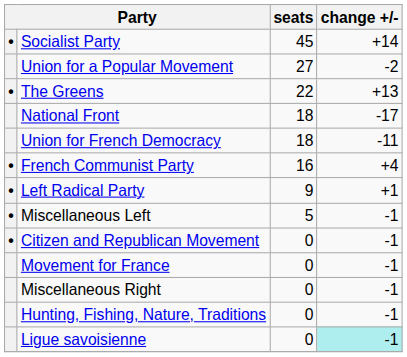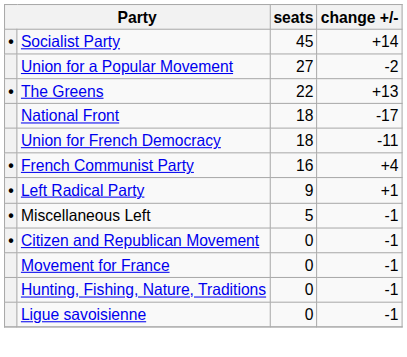 <table class="wikitable" style="font-size: 95%;">
 <tr>
 <th colspan=2>Party</th>
 <th>seats</th>
 <th>change +/-</th>
 </tr>
 <tr>
 <th style="background-color: "><span>•</span></th>
 <td><a href='#'>Socialist Party</a></td>
 <td align="right">45</td>
 <td align="right">+14</td>
 </tr>
 <tr>
 <th style="background-color: "></th>
 <td><a href='#'>Union for a Popular Movement</a></td>
 <td align="right">27</td>
 <td align="right">-2</td>
 </tr>
 <tr>
 <th style="background-color: "><span>•</span></th>
 <td><a href='#'>The Greens</a></td>
 <td align="right">22</td>
 <td align="right">+13</td>
 </tr>
 <tr>
 <th style="background-color: "></th>
 <td><a href='#'>National Front</a></td>
 <td align="right">18</td>
 <td align="right">-17</td>
 </tr>
 <tr>
 <th style="background-color: "></th>
 <td><a href='#'>Union for French Democracy</a></td>
 <td align="right">18</td>
 <td align="right">-11</td>
 </tr>
 <tr>
 <th style="background-color: "><span>•</span></th>
 <td><a href='#'>French Communist Party</a></td>
 <td align="right">16</td>
 <td align="right">+4</td>
 </tr>
 <tr>
 <th style="background-color: "><span>•</span></th>
 <td><a href='#'>Left Radical Party</a></td>
 <td align="right">9</td>
 <td align="right">+1</td>
 </tr>
 <tr>
 <th style="background-color: "><span>•</span></th>
 <td>Miscellaneous Left</td>
 <td align="right">5</td>
 <td align="right">-1</td>
 </tr>
 <tr>
 <th style="background-color: "><span>•</span></th>
 <td><a href='#'>Citizen and Republican Movement</a></td>
 <td align="right">0</td>
 <td align="right">-1</td>
 </tr>
 <tr>
 <th style="background-color: "></th>
 <td><a href='#'>Movement for France</a></td>
 <td align="right">0</td>
 <td align="right">-1</td>
 </tr>
 <tr>
 <th style="background-color: "></th>
-<td>Miscellaneous Right</td>
-<td align="right">0</td>
-<td align="right">-1</td>
-</tr>
-<tr>
-<th style="background-color: "></th>
 <td><a href='#'>Hunting, Fishing, Nature, Traditions</a></td>
 <td align="right">0</td>
 <td align="right">-1</td>
 </tr>
 <tr>
 <th style="background-color: "></th>
 <td><a href='#'>Ligue savoisienne</a></td>
 <td align="right">0</td>
-<td align="right" style="background: paleturquoise;">-1</td>
+<td align="right">-1</td>
 </tr>
 <tr>
 </tr>
 </table>
